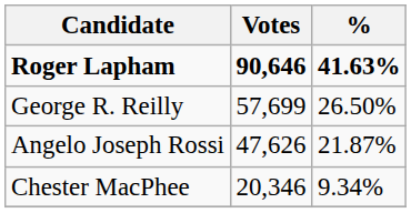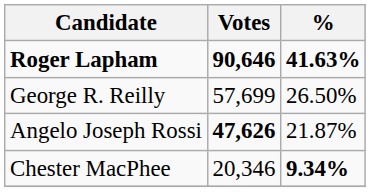 <table class="wikitable">
 <tr>
 <th>Candidate</th>
 <th>Votes</th>
 <th>%</th>
 </tr>
 <tr>
 <td><strong>Roger Lapham</strong></td>
 <td><strong>90,646</strong></td>
 <td><strong>41.63%</strong></td>
 </tr>
 <tr>
 <td>George R. Reilly</td>
 <td>57,699</td>
 <td>26.50%</td>
 </tr>
 <tr>
 <td>Angelo Joseph Rossi</td>
-<td>47,626</td>
+<td><strong>47,626</strong></td>
 <td>21.87%</td>
 </tr>
 <tr>
 <td>Chester MacPhee</td>
 <td>20,346</td>
-<td>9.34%</td>
+<td><strong>9.34%</strong></td>
 </tr>
 <tr>
 </tr>
 </table>
